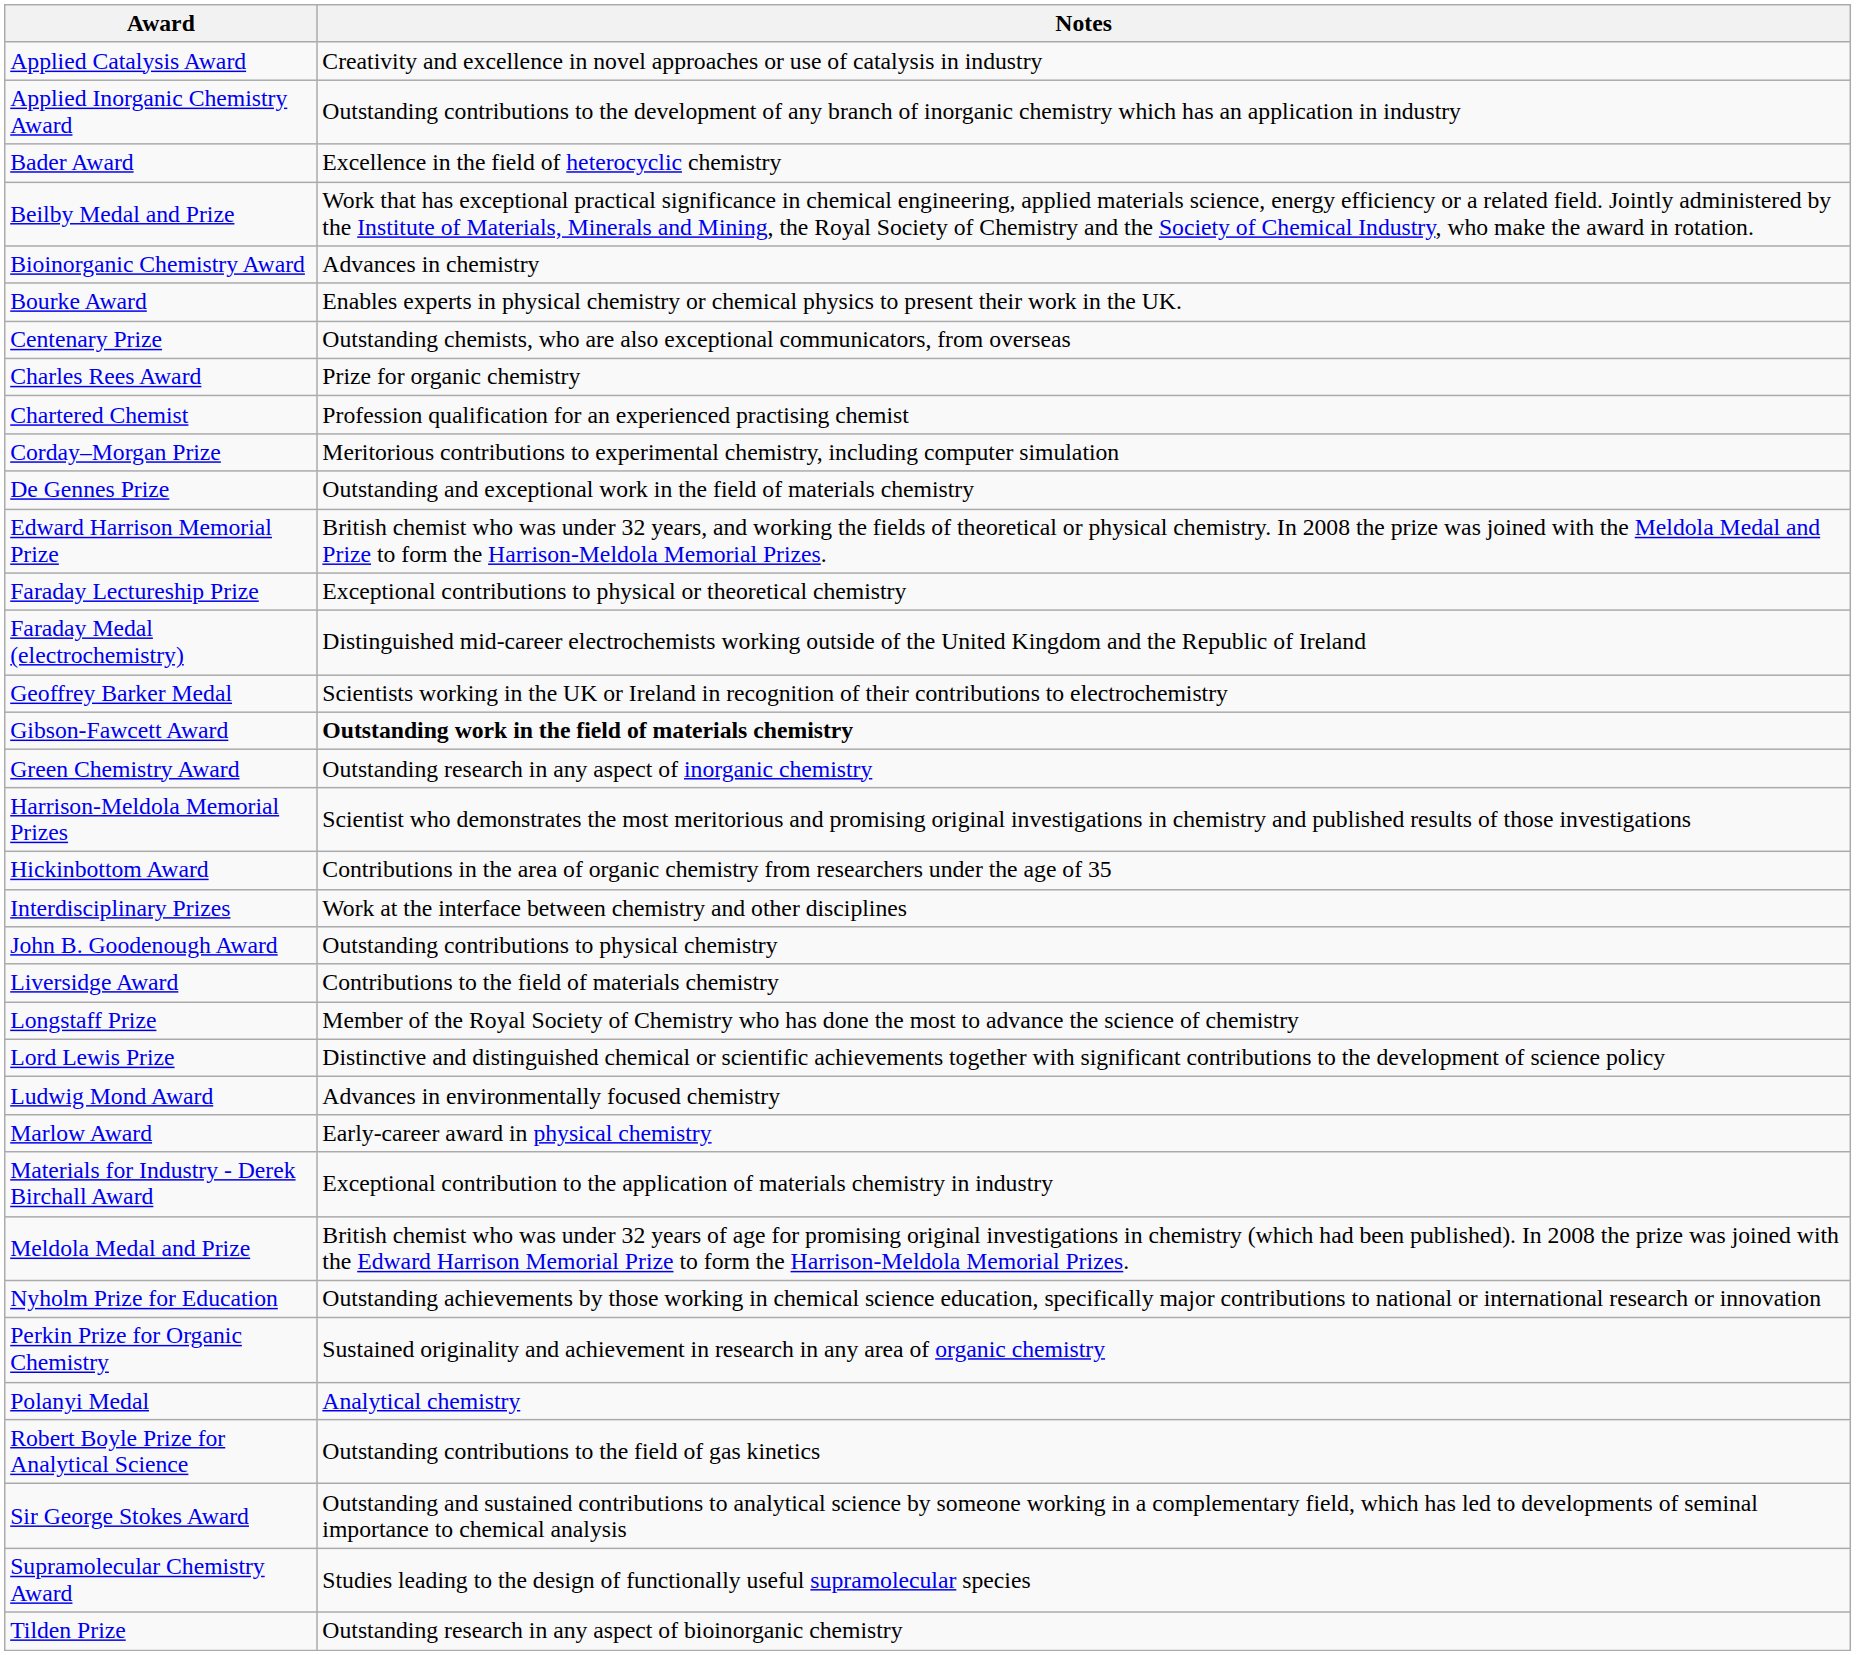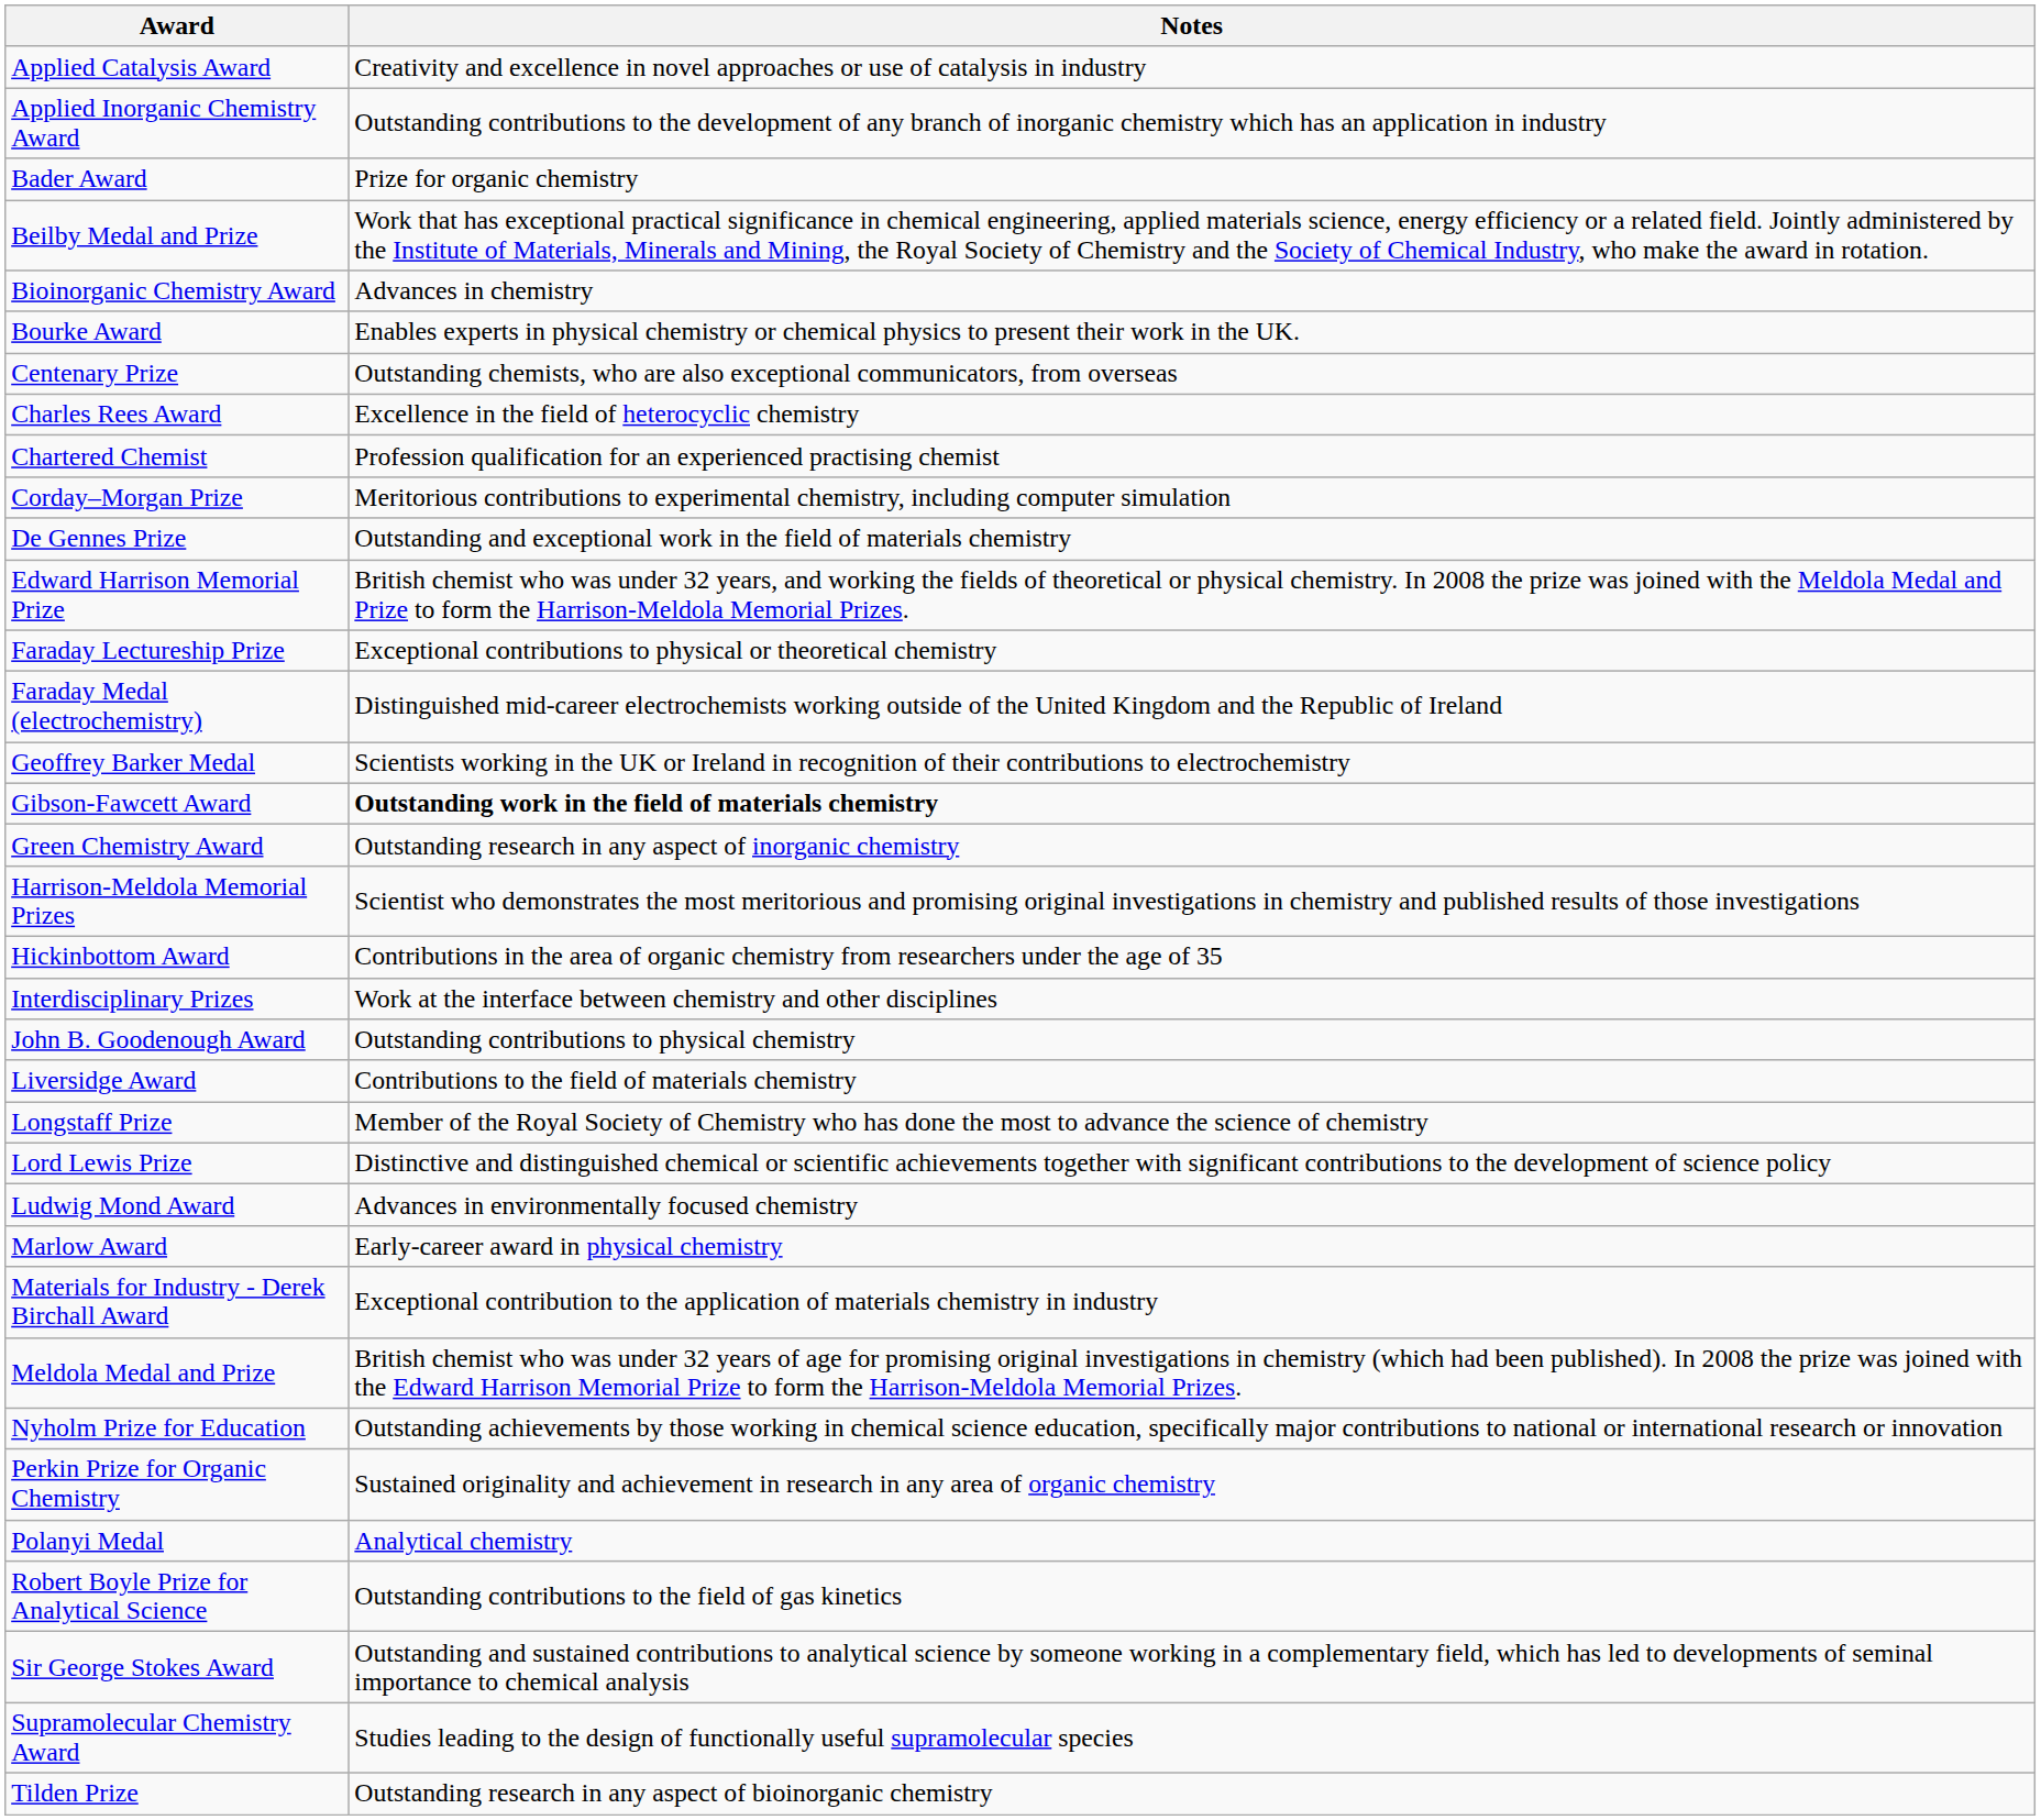 <table Class="wikitable sortable">
 <tr>
 <th>Award</th>
 <th>Notes</th>
 </tr>
 <tr>
 <td><a href='#'>Applied Catalysis Award</a></td>
 <td>Creativity and excellence in novel approaches or use of catalysis in industry</td>
 </tr>
 <tr>
 <td><a href='#'>Applied Inorganic Chemistry Award</a></td>
 <td>Outstanding contributions to the development of any branch of inorganic chemistry which has an application in industry</td>
 </tr>
 <tr>
 <td><a href='#'>Bader Award</a></td>
-<td>Excellence in the field of <a href='#'>heterocyclic</a> chemistry</td>
+<td>Prize for organic chemistry</td>
 </tr>
 <tr>
 <td><a href='#'>Beilby Medal and Prize</a></td>
 <td>Work that has exceptional practical significance in chemical engineering, applied materials science, energy efficiency or a related field. Jointly administered by the <a href='#'>Institute of Materials, Minerals and Mining</a>, the Royal Society of Chemistry and the <a href='#'>Society of Chemical Industry</a>, who make the award in rotation.</td>
 </tr>
 <tr>
 <td><a href='#'>Bioinorganic Chemistry Award</a></td>
 <td>Advances in chemistry</td>
 </tr>
 <tr>
 <td><a href='#'>Bourke Award</a></td>
 <td>Enables experts in physical chemistry or chemical physics to present their work in the UK.</td>
 </tr>
 <tr>
 <td><a href='#'>Centenary Prize</a></td>
 <td>Outstanding chemists, who are also exceptional communicators, from overseas</td>
 </tr>
 <tr>
 <td><a href='#'>Charles Rees Award</a></td>
-<td>Prize for organic chemistry</td>
+<td>Excellence in the field of <a href='#'>heterocyclic</a> chemistry</td>
 </tr>
 <tr>
 <td><a href='#'>Chartered Chemist</a></td>
 <td>Profession qualification for an experienced practising chemist</td>
 </tr>
 <tr>
 <td><a href='#'>Corday–Morgan Prize</a></td>
 <td>Meritorious contributions to experimental chemistry, including computer simulation</td>
 </tr>
 <tr>
 <td><a href='#'>De Gennes Prize</a></td>
 <td>Outstanding and exceptional work in the field of materials chemistry</td>
 </tr>
 <tr>
 <td><a href='#'>Edward Harrison Memorial Prize</a></td>
 <td>British chemist who was under 32 years, and working the fields of theoretical or physical chemistry. In 2008 the prize was joined with the <a href='#'>Meldola Medal and Prize</a> to form the <a href='#'>Harrison-Meldola Memorial Prizes</a>.</td>
 </tr>
 <tr>
 <td><a href='#'>Faraday Lectureship Prize</a></td>
 <td>Exceptional contributions to physical or theoretical chemistry</td>
 </tr>
 <tr>
 <td><a href='#'>Faraday Medal (electrochemistry)</a></td>
 <td>Distinguished mid-career electrochemists working outside of the United Kingdom and the Republic of Ireland</td>
 </tr>
 <tr>
 <td><a href='#'>Geoffrey Barker Medal</a></td>
 <td>Scientists working in the UK or Ireland in recognition of their contributions to electrochemistry</td>
 </tr>
 <tr>
 <td><a href='#'>Gibson-Fawcett Award</a></td>
 <td><strong>Outstanding work in the field of materials chemistry</strong></td>
 </tr>
 <tr>
 <td><a href='#'>Green Chemistry Award</a></td>
 <td>Outstanding research in any aspect of <a href='#'>inorganic chemistry</a></td>
 </tr>
 <tr>
 <td><a href='#'>Harrison-Meldola Memorial Prizes</a></td>
 <td>Scientist who demonstrates the most meritorious and promising original investigations in chemistry and published results of those investigations</td>
 </tr>
 <tr>
 <td><a href='#'>Hickinbottom Award</a></td>
 <td>Contributions in the area of organic chemistry from researchers under the age of 35</td>
 </tr>
 <tr>
 <td><a href='#'>Interdisciplinary Prizes</a></td>
 <td>Work at the interface between chemistry and other disciplines</td>
 </tr>
 <tr>
 <td><a href='#'>John B. Goodenough Award</a></td>
 <td>Outstanding contributions to physical chemistry</td>
 </tr>
 <tr>
 <td><a href='#'>Liversidge Award</a></td>
 <td>Contributions to the field of materials chemistry</td>
 </tr>
 <tr>
 <td><a href='#'>Longstaff Prize</a></td>
 <td>Member of the Royal Society of Chemistry who has done the most to advance the science of chemistry</td>
 </tr>
 <tr>
 <td><a href='#'>Lord Lewis Prize</a></td>
 <td>Distinctive and distinguished chemical or scientific achievements together with significant contributions to the development of science policy</td>
 </tr>
 <tr>
 <td><a href='#'>Ludwig Mond Award</a></td>
 <td>Advances in environmentally focused chemistry</td>
 </tr>
 <tr>
 <td><a href='#'>Marlow Award</a></td>
 <td>Early-career award in <a href='#'>physical chemistry</a></td>
 </tr>
 <tr>
 <td><a href='#'>Materials for Industry - Derek Birchall Award</a></td>
 <td>Exceptional contribution to the application of materials chemistry in industry</td>
 </tr>
 <tr>
 <td><a href='#'>Meldola Medal and Prize</a></td>
 <td>British chemist who was under 32 years of age for promising original investigations in chemistry (which had been published). In 2008 the prize was joined with the <a href='#'>Edward Harrison Memorial Prize</a> to form the <a href='#'>Harrison-Meldola Memorial Prizes</a>.</td>
 </tr>
 <tr>
 <td><a href='#'>Nyholm Prize for Education</a></td>
 <td>Outstanding achievements by those working in chemical science education, specifically major contributions to national or international research or innovation</td>
 </tr>
 <tr>
 <td><a href='#'>Perkin Prize for Organic Chemistry</a></td>
 <td>Sustained originality and achievement in research in any area of <a href='#'>organic chemistry</a></td>
 </tr>
 <tr>
 <td><a href='#'>Polanyi Medal</a></td>
 <td><a href='#'>Analytical chemistry</a></td>
 </tr>
 <tr>
 <td><a href='#'>Robert Boyle Prize for Analytical Science</a></td>
 <td>Outstanding contributions to the field of gas kinetics</td>
 </tr>
 <tr>
 <td><a href='#'>Sir George Stokes Award</a></td>
 <td>Outstanding and sustained contributions to analytical science by someone working in a complementary field, which has led to developments of seminal importance to chemical analysis</td>
 </tr>
 <tr>
 <td><a href='#'>Supramolecular Chemistry Award</a></td>
 <td>Studies leading to the design of functionally useful <a href='#'>supramolecular</a> species</td>
 </tr>
 <tr>
 <td><a href='#'>Tilden Prize</a></td>
 <td>Outstanding research in any aspect of bioinorganic chemistry</td>
 </tr>
 </table>
